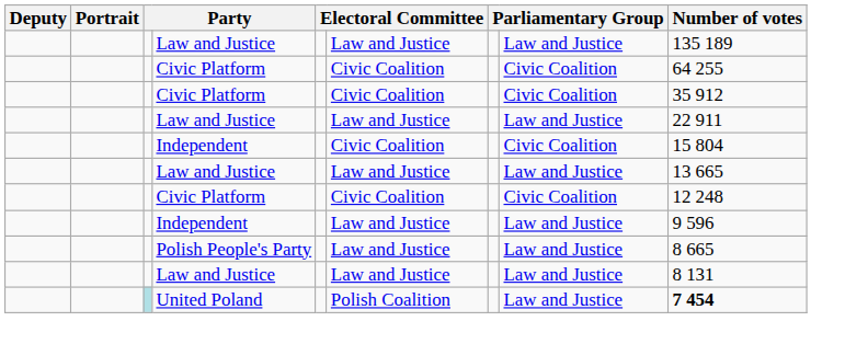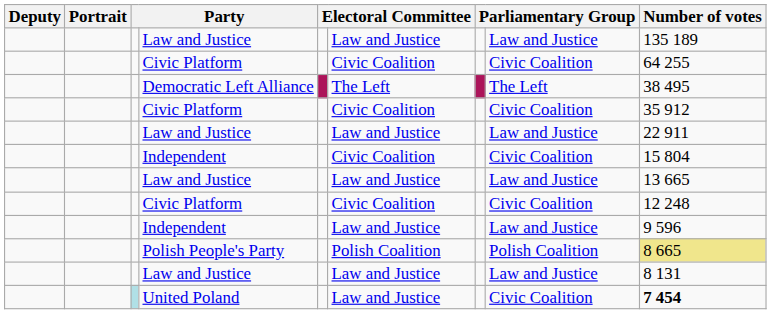 <table class="wikitable sortable" style="font-size:95%;line-height:14px;">
 <tr>
 <th>Deputy</th>
 <th>Portrait</th>
 <th colspan="2">Party</th>
 <th colspan="2">Electoral Committee</th>
 <th colspan="2">Parliamentary Group</th>
 <th>Number of votes</th>
 </tr>
 <tr>
 <td></td>
 <td></td>
 <td style="background:"></td>
 <td><a href='#'>Law and Justice</a></td>
 <td style="background:"></td>
 <td><a href='#'>Law and Justice</a></td>
 <td style="background:"></td>
 <td><a href='#'>Law and Justice</a></td>
 <td>135 189</td>
 </tr>
 <tr>
 <td></td>
 <td></td>
 <td style="background:"></td>
 <td><a href='#'>Civic Platform</a></td>
 <td style="background:"></td>
 <td><a href='#'>Civic Coalition</a></td>
 <td style="background:"></td>
 <td><a href='#'>Civic Coalition</a></td>
 <td>64 255</td>
+</tr>
+<tr>
+<td></td>
+<td></td>
+<td style="background:"></td>
+<td><a href='#'>Democratic Left Alliance</a></td>
+<td style="background:#AC145A;"></td>
+<td><a href='#'>The Left</a></td>
+<td style="background:#AC145A;"></td>
+<td><a href='#'>The Left</a></td>
+<td>38 495</td>
 </tr>
 <tr>
 <td></td>
 <td></td>
 <td style="background:"></td>
 <td><a href='#'>Civic Platform</a></td>
 <td style="background:"></td>
 <td><a href='#'>Civic Coalition</a></td>
 <td style="background:"></td>
 <td><a href='#'>Civic Coalition</a></td>
 <td>35 912</td>
 </tr>
 <tr>
 <td></td>
 <td></td>
 <td style="background:"></td>
 <td><a href='#'>Law and Justice</a></td>
 <td style="background:"></td>
 <td><a href='#'>Law and Justice</a></td>
 <td style="background:"></td>
 <td><a href='#'>Law and Justice</a></td>
 <td>22 911</td>
 </tr>
 <tr>
 <td></td>
 <td></td>
 <td style="background:"></td>
 <td><a href='#'>Independent</a></td>
 <td style="background:"></td>
 <td><a href='#'>Civic Coalition</a></td>
 <td style="background:"></td>
 <td><a href='#'>Civic Coalition</a></td>
 <td>15 804</td>
 </tr>
 <tr>
 <td></td>
 <td></td>
 <td style="background:"></td>
 <td><a href='#'>Law and Justice</a></td>
 <td style="background:"></td>
 <td><a href='#'>Law and Justice</a></td>
 <td style="background:"></td>
 <td><a href='#'>Law and Justice</a></td>
 <td>13 665</td>
 </tr>
 <tr>
 <td></td>
 <td></td>
 <td style="background:"></td>
 <td><a href='#'>Civic Platform</a></td>
 <td style="background:"></td>
 <td><a href='#'>Civic Coalition</a></td>
 <td style="background:"></td>
 <td><a href='#'>Civic Coalition</a></td>
 <td>12 248</td>
 </tr>
 <tr>
 <td></td>
 <td></td>
 <td style="background:"></td>
 <td><a href='#'>Independent</a></td>
 <td style="background:"></td>
 <td><a href='#'>Law and Justice</a></td>
 <td style="background:"></td>
 <td><a href='#'>Law and Justice</a></td>
 <td>9 596</td>
 </tr>
 <tr>
 <td></td>
 <td></td>
 <td style="background:"></td>
 <td><a href='#'>Polish People's Party</a></td>
 <td style="background:"></td>
-<td><a href='#'>Law and Justice</a></td>
+<td><a href='#'>Polish Coalition</a></td>
 <td style="background:"></td>
-<td><a href='#'>Law and Justice</a></td>
-<td>8 665</td>
+<td><a href='#'>Polish Coalition</a></td>
+<td style="background: khaki;">8 665</td>
 </tr>
 <tr>
 <td></td>
 <td></td>
 <td style="background:"></td>
 <td><a href='#'>Law and Justice</a></td>
 <td style="background:"></td>
 <td><a href='#'>Law and Justice</a></td>
 <td style="background:"></td>
 <td><a href='#'>Law and Justice</a></td>
 <td>8 131</td>
 </tr>
 <tr>
 <td></td>
 <td></td>
 <td style="background:#B0E0E6;"></td>
 <td><a href='#'>United Poland</a></td>
 <td style="background:"></td>
-<td><a href='#'>Polish Coalition</a></td>
+<td><a href='#'>Law and Justice</a></td>
 <td style="background:"></td>
-<td><a href='#'>Law and Justice</a></td>
+<td><a href='#'>Civic Coalition</a></td>
 <td><strong>7 454</strong></td>
 </tr>
 </table>
